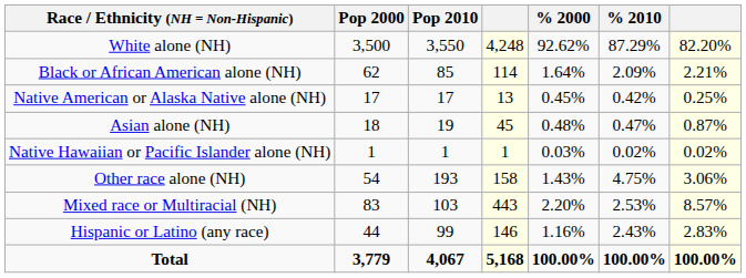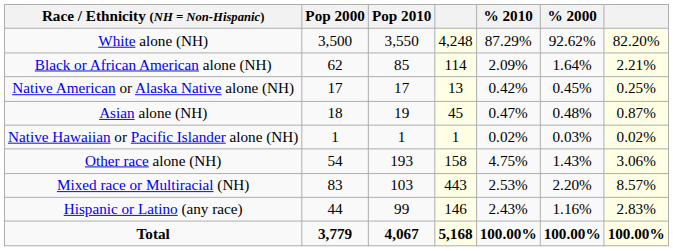 <table class="wikitable" style="text-align:center;">
 <tr>
 <th>Race / Ethnicity <small>(<em>NH = Non-Hispanic</em>)</small></th>
 <th>Pop 2000</th>
 <th>Pop 2010</th>
 <th></th>
+<th>% 2010</th>
 <th>% 2000</th>
-<th>% 2010</th>
 <th></th>
 </tr>
 <tr>
 <td><a href='#'>White</a> alone (NH)</td>
 <td>3,500</td>
 <td>3,550</td>
 <td style='background: #ffffe6;'>4,248</td>
+<td>87.29%</td>
 <td>92.62%</td>
-<td>87.29%</td>
 <td style='background: #ffffe6;'>82.20%</td>
 </tr>
 <tr>
 <td><a href='#'>Black or African American</a> alone (NH)</td>
 <td>62</td>
 <td>85</td>
 <td style='background: #ffffe6;'>114</td>
+<td>2.09%</td>
 <td>1.64%</td>
-<td>2.09%</td>
 <td style='background: #ffffe6;'>2.21%</td>
 </tr>
 <tr>
 <td><a href='#'>Native American</a> or <a href='#'>Alaska Native</a> alone (NH)</td>
 <td>17</td>
 <td>17</td>
 <td style='background: #ffffe6;'>13</td>
+<td>0.42%</td>
 <td>0.45%</td>
-<td>0.42%</td>
 <td style='background: #ffffe6;'>0.25%</td>
 </tr>
 <tr>
 <td><a href='#'>Asian</a> alone (NH)</td>
 <td>18</td>
 <td>19</td>
 <td style='background: #ffffe6;'>45</td>
+<td>0.47%</td>
 <td>0.48%</td>
-<td>0.47%</td>
 <td style='background: #ffffe6;'>0.87%</td>
 </tr>
 <tr>
 <td><a href='#'>Native Hawaiian</a> or <a href='#'>Pacific Islander</a> alone (NH)</td>
 <td>1</td>
 <td>1</td>
 <td style='background: #ffffe6;'>1</td>
+<td>0.02%</td>
 <td>0.03%</td>
-<td>0.02%</td>
 <td style='background: #ffffe6;'>0.02%</td>
 </tr>
 <tr>
 <td><a href='#'>Other race</a> alone (NH)</td>
 <td>54</td>
 <td>193</td>
 <td style='background: #ffffe6;'>158</td>
+<td>4.75%</td>
 <td>1.43%</td>
-<td>4.75%</td>
 <td style='background: #ffffe6;'>3.06%</td>
 </tr>
 <tr>
 <td><a href='#'>Mixed race or Multiracial</a> (NH)</td>
 <td>83</td>
 <td>103</td>
 <td style='background: #ffffe6;'>443</td>
+<td>2.53%</td>
 <td>2.20%</td>
-<td>2.53%</td>
 <td style='background: #ffffe6;'>8.57%</td>
 </tr>
 <tr>
 <td><a href='#'>Hispanic or Latino</a> (any race)</td>
 <td>44</td>
 <td>99</td>
 <td style='background: #ffffe6;'>146</td>
+<td>2.43%</td>
 <td>1.16%</td>
-<td>2.43%</td>
 <td style='background: #ffffe6;'>2.83%</td>
 </tr>
 <tr>
 <td><strong>Total</strong></td>
 <td><strong>3,779</strong></td>
 <td><strong>4,067</strong></td>
 <td style='background: #ffffe6;'><strong>5,168</strong></td>
 <td><strong>100.00%</strong></td>
 <td><strong>100.00%</strong></td>
 <td style='background: #ffffe6;'><strong>100.00%</strong></td>
 </tr>
 </table>
